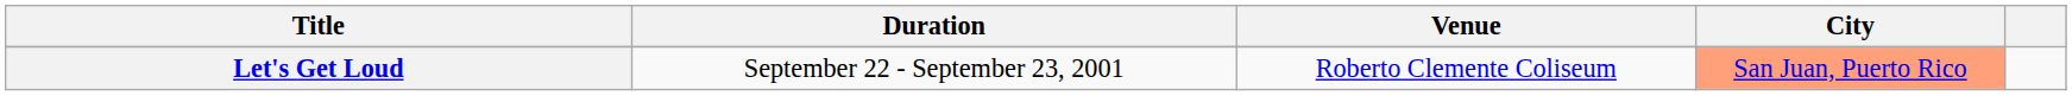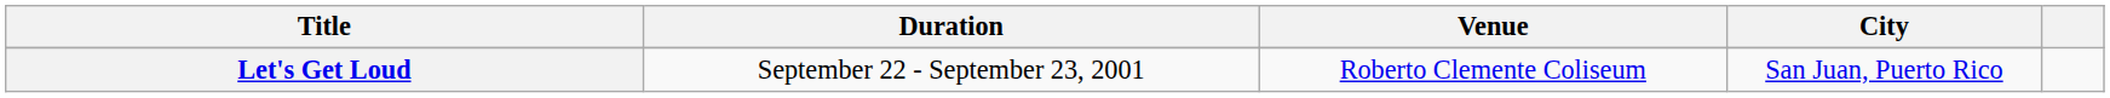 <table class="wikitable sortable plainrowheaders" style="text-align:center;">
 <tr>
 <th scope="col" style="width:25em;">Title</th>
 <th scope="col" style="width:24em;">Duration</th>
 <th scope="col" style="width:18em;">Venue</th>
 <th scope="col" style="width:12em;">City</th>
 <th scope="col" style="width:2em;" class="unsortable"></th>
 </tr>
 <tr>
 </tr>
 <tr>
 <th scope="row"><a href='#'>Let's Get Loud</a></th>
 <td>September 22 - September 23, 2001</td>
 <td><a href='#'>Roberto Clemente Coliseum</a></td>
-<td style="background: lightsalmon;"><a href='#'>San Juan, Puerto Rico</a></td>
+<td><a href='#'>San Juan, Puerto Rico</a></td>
 </tr>
 </table>
